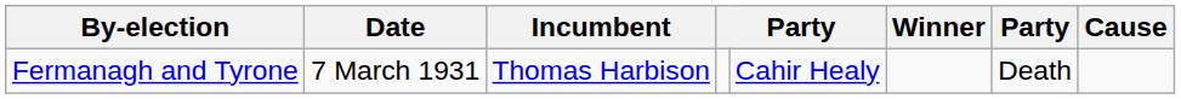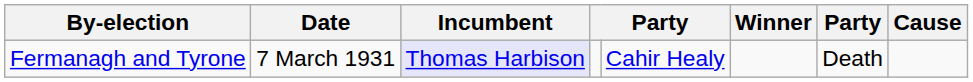 <table class=wikitable>
 <tr>
 <th>By-election</th>
 <th>Date</th>
 <th>Incumbent</th>
 <th colspan=2>Party</th>
 <th>Winner</th>
 <th colspan=2>Party</th>
 <th>Cause</th>
 </tr>
 <tr>
 <td><a href='#'>Fermanagh and Tyrone</a></td>
 <td>7 March 1931</td>
-<td><a href='#'>Thomas Harbison</a></td>
+<td style="background: lavender;"><a href='#'>Thomas Harbison</a></td>
 <td></td>
 <td><a href='#'>Cahir Healy</a></td>
 <td></td>
 <td>Death</td>
 </tr>
 </table>
